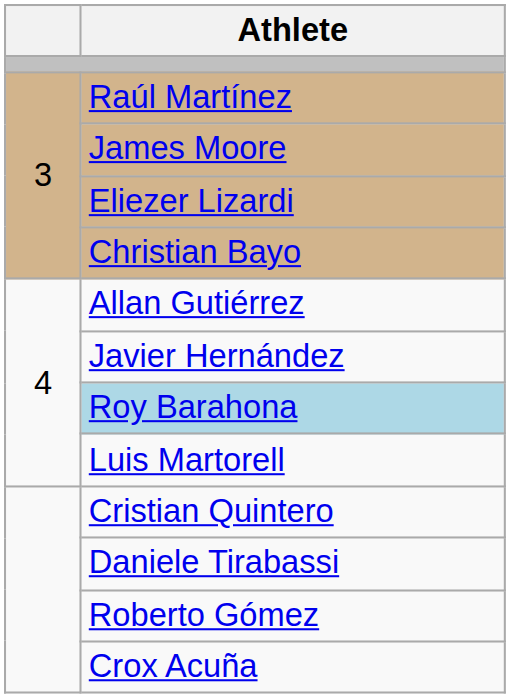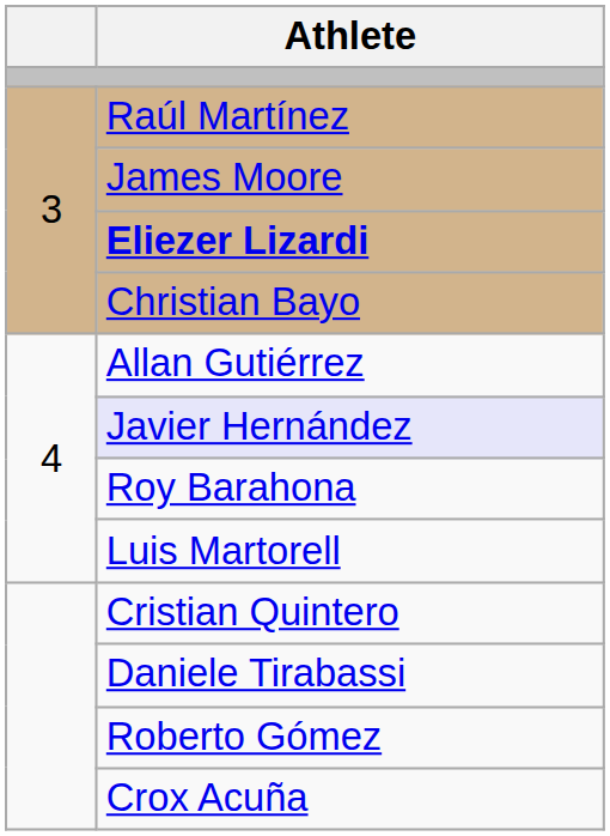 <table class="wikitable">
 <tr>
 <th width="30"></th>
 <th width="200">Athlete</th>
 </tr>
 <tr bgcolor="C0C0C0">
 <td colspan=2></td>
 </tr>
 <tr bgcolor="D2B48C">
 <td align="center" rowspan=4>3</td>
 <td> <a href='#'>Raúl Martínez</a></td>
 </tr>
 <tr bgcolor="D2B48C">
 <td> <a href='#'>James Moore</a></td>
 </tr>
 <tr bgcolor="D2B48C">
-<td> <a href='#'>Eliezer Lizardi</a></td>
+<td><strong> <a href='#'>Eliezer Lizardi</a></strong></td>
 </tr>
 <tr bgcolor="D2B48C">
 <td> <a href='#'>Christian Bayo</a></td>
 </tr>
 <tr>
 <td align="center" rowspan=4>4</td>
 <td> <a href='#'>Allan Gutiérrez</a></td>
 </tr>
 <tr>
-<td> <a href='#'>Javier Hernández</a></td>
+<td style="background: lavender;"> <a href='#'>Javier Hernández</a></td>
 </tr>
 <tr>
-<td style="background: lightblue;"> <a href='#'>Roy Barahona</a></td>
+<td> <a href='#'>Roy Barahona</a></td>
 </tr>
 <tr>
 <td> <a href='#'>Luis Martorell</a></td>
 </tr>
 <tr>
 <td align="center" rowspan=4></td>
 <td> <a href='#'>Cristian Quintero</a></td>
 </tr>
 <tr>
 <td> <a href='#'>Daniele Tirabassi</a></td>
 </tr>
 <tr>
 <td> <a href='#'>Roberto Gómez</a></td>
 </tr>
 <tr>
 <td> <a href='#'>Crox Acuña</a></td>
 </tr>
 </table>
